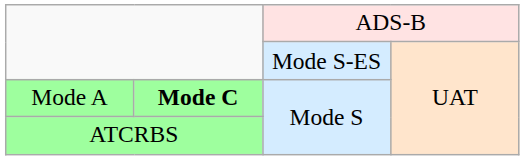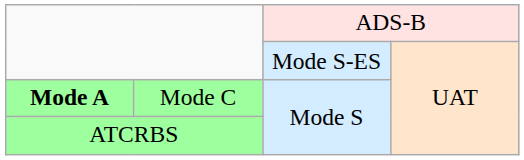 <table class="wikitable" style="margin-left: auto; margin-right: auto;">
 <tr>
 <td colspan=2 rowspan=2></td>
 <td colspan=2 bgcolor="#FFE3E3" style="width:5em;text-align:center">ADS-B</td>
 </tr>
 <tr>
 <td bgcolor="#D4ECFF" style="text-align:center">Mode S-ES</td>
 <td bgcolor="#FFE5CC" rowspan="3" style="width:5em;text-align:center">UAT</td>
 </tr>
 <tr>
-<td bgcolor="#9EFF9E" style="width:5em;text-align:center">Mode A</td>
-<td bgcolor="#9EFF9E" style="width:5em;text-align:center"><strong>Mode C</strong></td>
+<td bgcolor="#9EFF9E" style="width:5em;text-align:center"><strong>Mode A</strong></td>
+<td bgcolor="#9EFF9E" style="width:5em;text-align:center">Mode C</td>
 <td rowspan="2" bgcolor="#D4ECFF" style="width:5em;text-align:center">Mode S</td>
 </tr>
 <tr>
 <td bgcolor="#9EFF9E" colspan="2" style="text-align:center">ATCRBS</td>
 </tr>
 </table>
